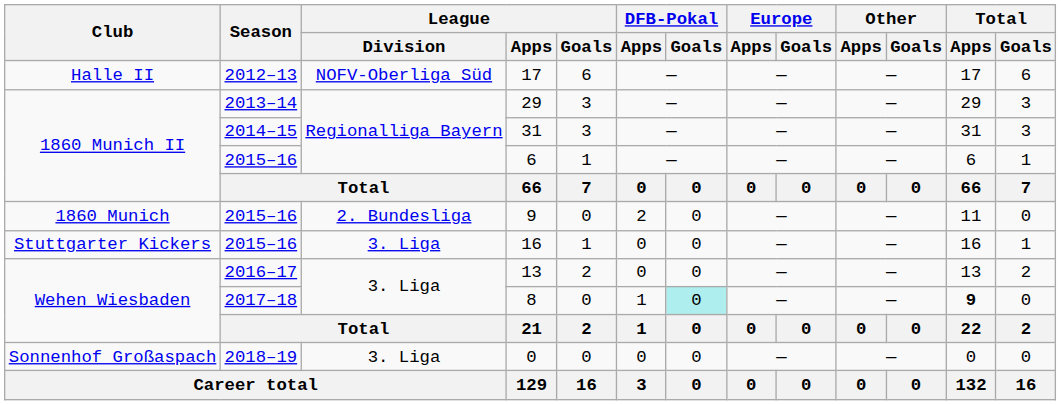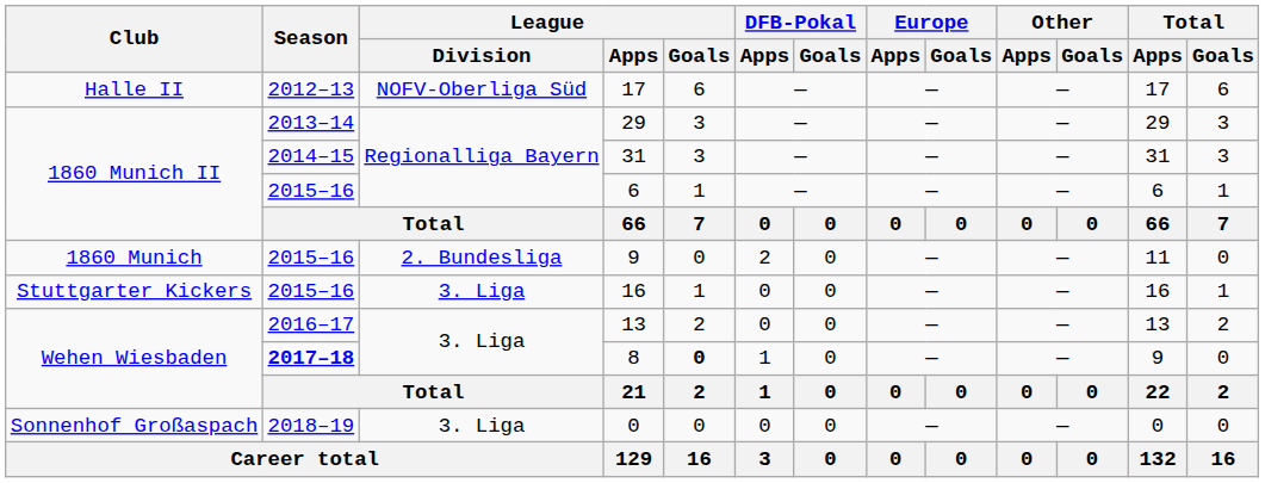 <table class="wikitable" style="text-align:center">
 <tr>
 <th rowspan="2">Club</th>
 <th rowspan="2">Season</th>
 <th colspan="3">League</th>
 <th colspan="2"><a href='#'>DFB-Pokal</a></th>
 <th colspan="2"><a href='#'>Europe</a></th>
 <th colspan="2">Other</th>
 <th colspan="2">Total</th>
 </tr>
 <tr>
 <th>Division</th>
 <th>Apps</th>
 <th>Goals</th>
 <th>Apps</th>
 <th>Goals</th>
 <th>Apps</th>
 <th>Goals</th>
 <th>Apps</th>
 <th>Goals</th>
 <th>Apps</th>
 <th>Goals</th>
 </tr>
 <tr>
 <td><a href='#'>Halle II</a></td>
 <td><a href='#'>2012–13</a></td>
 <td><a href='#'>NOFV-Oberliga Süd</a></td>
 <td>17</td>
 <td>6</td>
 <td colspan="2">—</td>
 <td colspan="2">—</td>
 <td colspan="2">—</td>
 <td>17</td>
 <td>6</td>
 </tr>
 <tr>
 <td rowspan="4"><a href='#'>1860 Munich II</a></td>
 <td><a href='#'>2013–14</a></td>
 <td rowspan="3"><a href='#'>Regionalliga Bayern</a></td>
 <td>29</td>
 <td>3</td>
 <td colspan="2">—</td>
 <td colspan="2">—</td>
 <td colspan="2">—</td>
 <td>29</td>
 <td>3</td>
 </tr>
 <tr>
 <td><a href='#'>2014–15</a></td>
 <td>31</td>
 <td>3</td>
 <td colspan="2">—</td>
 <td colspan="2">—</td>
 <td colspan="2">—</td>
 <td>31</td>
 <td>3</td>
 </tr>
 <tr>
 <td><a href='#'>2015–16</a></td>
 <td>6</td>
 <td>1</td>
 <td colspan="2">—</td>
 <td colspan="2">—</td>
 <td colspan="2">—</td>
 <td>6</td>
 <td>1</td>
 </tr>
 <tr>
 <th colspan="2">Total</th>
 <th>66</th>
 <th>7</th>
 <th>0</th>
 <th>0</th>
 <th>0</th>
 <th>0</th>
 <th>0</th>
 <th>0</th>
 <th>66</th>
 <th>7</th>
 </tr>
 <tr>
 <td><a href='#'>1860 Munich</a></td>
 <td><a href='#'>2015–16</a></td>
 <td><a href='#'>2. Bundesliga</a></td>
 <td>9</td>
 <td>0</td>
 <td>2</td>
 <td>0</td>
 <td colspan="2">—</td>
 <td colspan="2">—</td>
 <td>11</td>
 <td>0</td>
 </tr>
 <tr>
 <td><a href='#'>Stuttgarter Kickers</a></td>
 <td><a href='#'>2015–16</a></td>
 <td><a href='#'>3. Liga</a></td>
 <td>16</td>
 <td>1</td>
 <td>0</td>
 <td>0</td>
 <td colspan="2">—</td>
 <td colspan="2">—</td>
 <td>16</td>
 <td>1</td>
 </tr>
 <tr>
 <td rowspan="3"><a href='#'>Wehen Wiesbaden</a></td>
 <td><a href='#'>2016–17</a></td>
 <td rowspan="2">3. Liga</td>
 <td>13</td>
 <td>2</td>
 <td>0</td>
 <td>0</td>
 <td colspan="2">—</td>
 <td colspan="2">—</td>
 <td>13</td>
 <td>2</td>
 </tr>
 <tr>
-<td><a href='#'>2017–18</a></td>
+<td><strong><a href='#'>2017–18</a></strong></td>
 <td>8</td>
+<td><strong>0</strong></td>
+<td>1</td>
 <td>0</td>
-<td>1</td>
-<td style="background: paleturquoise;">0</td>
 <td colspan="2">—</td>
 <td colspan="2">—</td>
-<td><strong>9</strong></td>
+<td>9</td>
 <td>0</td>
 </tr>
 <tr>
 <th colspan="2">Total</th>
 <th>21</th>
 <th>2</th>
 <th>1</th>
 <th>0</th>
 <th>0</th>
 <th>0</th>
 <th>0</th>
 <th>0</th>
 <th>22</th>
 <th>2</th>
 </tr>
 <tr>
 <td><a href='#'>Sonnenhof Großaspach</a></td>
 <td><a href='#'>2018–19</a></td>
 <td>3. Liga</td>
 <td>0</td>
 <td>0</td>
 <td>0</td>
 <td>0</td>
 <td colspan="2">—</td>
 <td colspan="2">—</td>
 <td>0</td>
 <td>0</td>
 </tr>
 <tr>
 <th colspan="3">Career total</th>
 <th>129</th>
 <th>16</th>
 <th>3</th>
 <th>0</th>
 <th>0</th>
 <th>0</th>
 <th>0</th>
 <th>0</th>
 <th>132</th>
 <th>16</th>
 </tr>
 </table>
